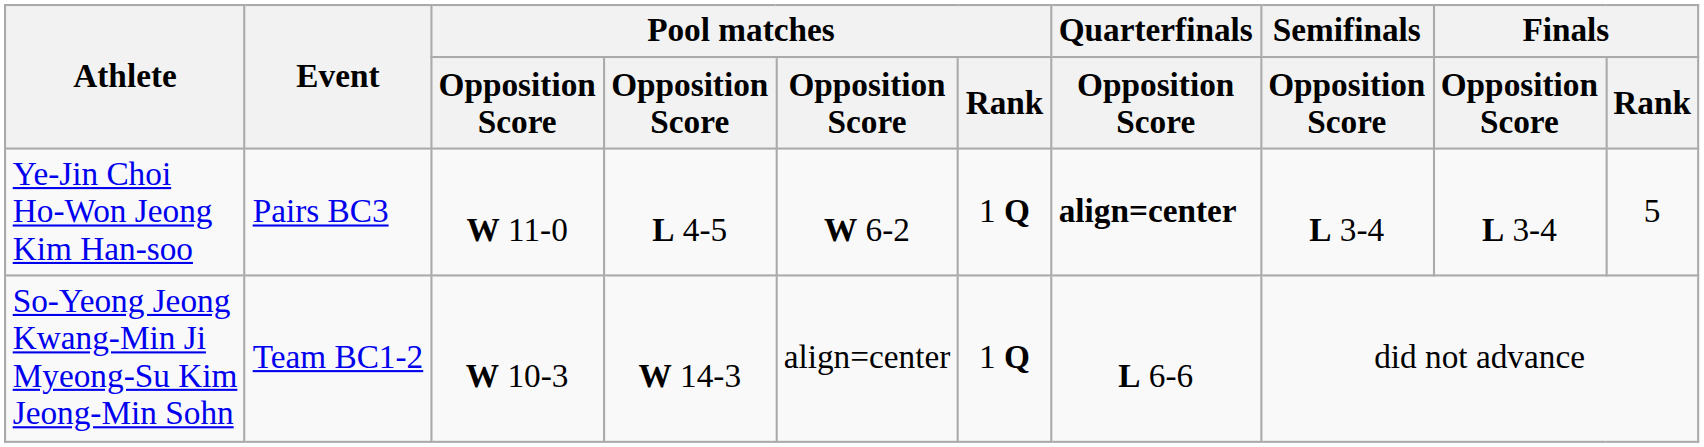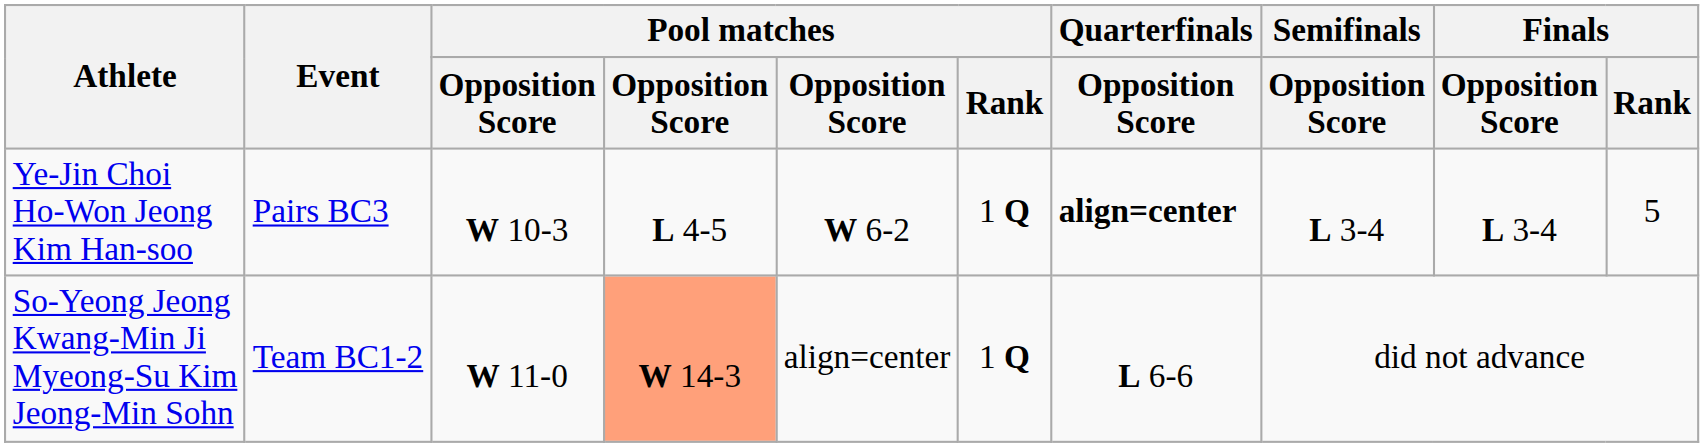 <table class=wikitable>
 <tr>
 <th rowspan="2">Athlete</th>
 <th rowspan="2">Event</th>
 <th colspan="4">Pool matches</th>
 <th>Quarterfinals</th>
 <th>Semifinals</th>
 <th colspan="2">Finals</th>
 </tr>
 <tr>
 <th>Opposition<br>Score</th>
 <th>Opposition<br>Score</th>
 <th>Opposition<br>Score</th>
 <th>Rank</th>
 <th>Opposition<br>Score</th>
 <th>Opposition<br>Score</th>
 <th>Opposition<br>Score</th>
 <th>Rank</th>
 </tr>
 <tr>
 <td align=left><a href='#'>Ye-Jin Choi</a><br> <a href='#'>Ho-Won Jeong</a><br> <a href='#'>Kim Han-soo</a></td>
 <td align=left><a href='#'>Pairs BC3</a></td>
-<td align=center><br><strong>W</strong> 11-0</td>
+<td align=center><br><strong>W</strong> 10-3</td>
 <td align=center><br><strong>L</strong> 4-5</td>
 <td align=center><br><strong>W</strong> 6-2</td>
 <td align=center>1 <strong>Q</strong></td>
 <td><strong>align=center </strong></td>
 <td align=center><br><strong>L</strong> 3-4</td>
 <td align=center><br><strong>L</strong> 3-4</td>
 <td align=center>5</td>
 </tr>
 <tr>
 <td align=left><a href='#'>So-Yeong Jeong</a><br> <a href='#'>Kwang-Min Ji</a><br> <a href='#'>Myeong-Su Kim</a><br> <a href='#'>Jeong-Min Sohn</a></td>
 <td align=left><a href='#'>Team BC1-2</a></td>
-<td align=center><br><strong>W</strong> 10-3</td>
-<td align=center><br><strong>W</strong> 14-3</td>
+<td align=center><br><strong>W</strong> 11-0</td>
+<td align=center style="background: lightsalmon;"><br><strong>W</strong> 14-3</td>
 <td>align=center </td>
 <td align=center>1 <strong>Q</strong></td>
 <td align=center><br><strong>L</strong> 6-6</td>
 <td align=center colspan="3">did not advance</td>
 </tr>
 </table>
